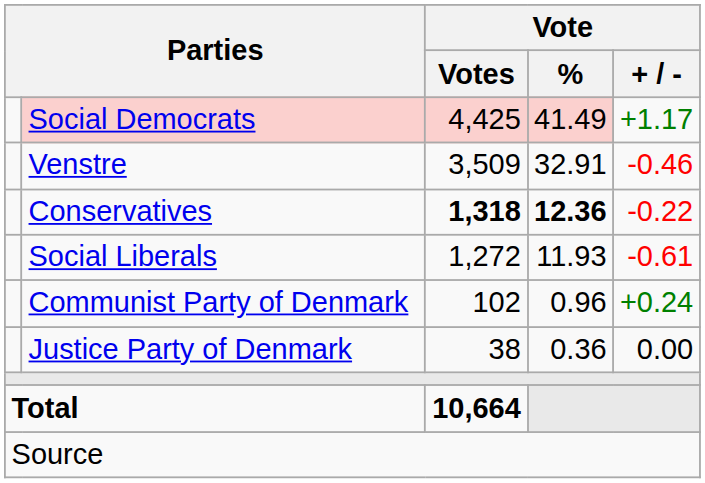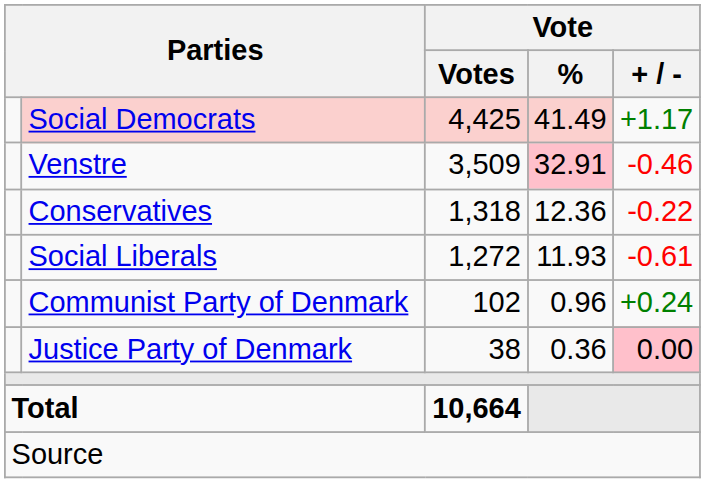 <table class="wikitable" style="text-align:right;">
 <tr>
 <th style="text-align:centre;" rowspan="2" colspan="2" width="225">Parties</th>
 <th colspan="3">Vote</th>
 </tr>
 <tr>
 <th width="15">Votes</th>
 <th width="15">%</th>
 <th width="15">+ / -</th>
 </tr>
 <tr>
 <td width="2" style="color:inherit;background:"></td>
 <td bgcolor=#fbd0ce  align="left"><a href='#'>Social Democrats</a></td>
 <td bgcolor=#fbd0ce>4,425</td>
 <td bgcolor=#fbd0ce>41.49</td>
 <td style=color:green;>+1.17</td>
 </tr>
 <tr>
 <td width="2" style="color:inherit;background:"></td>
 <td align="left"><a href='#'>Venstre</a></td>
 <td>3,509</td>
-<td>32.91</td>
+<td style="background: pink;">32.91</td>
 <td style=color:red;>-0.46</td>
 </tr>
 <tr>
 <td width="2" style="color:inherit;background:"></td>
 <td align="left"><a href='#'>Conservatives</a></td>
-<td><strong>1,318</strong></td>
-<td><strong>12.36</strong></td>
+<td>1,318</td>
+<td>12.36</td>
 <td style=color:red;>-0.22</td>
 </tr>
 <tr>
 <td width="2" style="color:inherit;background:"></td>
 <td align="left"><a href='#'>Social Liberals</a></td>
 <td>1,272</td>
 <td>11.93</td>
 <td style=color:red;>-0.61</td>
 </tr>
 <tr>
 <td width="2" style="color:inherit;background:"></td>
 <td align="left"><a href='#'>Communist Party of Denmark</a></td>
 <td>102</td>
 <td>0.96</td>
 <td style=color:green;>+0.24</td>
 </tr>
 <tr>
 <td width="2" style="color:inherit;background:"></td>
 <td align="left"><a href='#'>Justice Party of Denmark</a></td>
 <td>38</td>
 <td>0.36</td>
-<td>0.00</td>
+<td style="background: pink;">0.00</td>
 </tr>
 <tr>
 <td colspan="7" bgcolor="#E9E9E9"></td>
 </tr>
 <tr>
 <td align="left" colspan="2"><strong>Total</strong></td>
 <td><strong>10,664</strong></td>
 <td bgcolor="#E9E9E9" colspan="2"></td>
 </tr>
 <tr>
 <td align="left" colspan="6">Source</td>
 </tr>
 </table>
